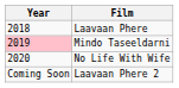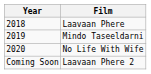 <table class="wikitable">
 <tr>
 <th>Year</th>
 <th>Film</th>
 </tr>
 <tr>
 <td>2018</td>
 <td>Laavaan Phere</td>
 </tr>
 <tr>
-<td style="background: pink;">2019</td>
+<td>2019</td>
 <td>Mindo Taseeldarni</td>
 </tr>
 <tr>
 <td>2020</td>
 <td>No Life With Wife</td>
 </tr>
 <tr>
 <td>Coming Soon</td>
 <td>Laavaan Phere 2</td>
 </tr>
 </table>
